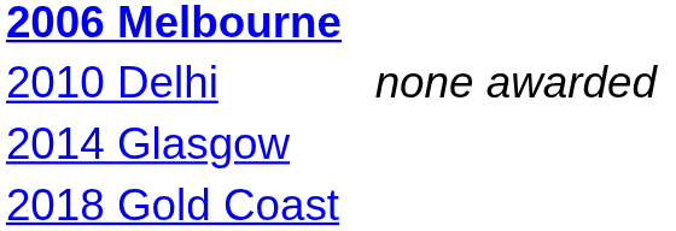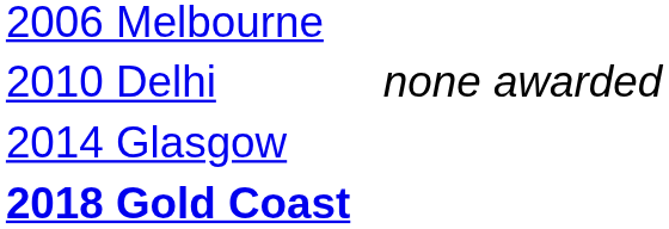 <table>
 <tr>
 <td><br></td>
 <td></td>
 <td></td>
 <td></td>
 </tr>
 <tr>
-<td><strong><a href='#'>2006 Melbourne</a><br></strong></td>
+<td><a href='#'>2006 Melbourne</a><br></td>
 <td></td>
 <td></td>
 <td></td>
 </tr>
 <tr>
 <td rowspan=2><a href='#'>2010 Delhi</a><br></td>
 <td rowspan=2></td>
 <td></td>
 <td rowspan=2><em>none awarded</em></td>
 </tr>
 <tr>
 <td></td>
 </tr>
 <tr>
 <td><a href='#'>2014 Glasgow</a><br></td>
 <td></td>
 <td></td>
 <td></td>
 </tr>
 <tr>
-<td><a href='#'>2018 Gold Coast</a><br></td>
+<td><strong><a href='#'>2018 Gold Coast</a><br></strong></td>
 <td></td>
 <td></td>
 <td></td>
 </tr>
 <tr>
 <td><br></td>
 <td></td>
 <td></td>
 <td></td>
 </tr>
 </table>
